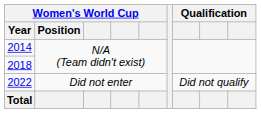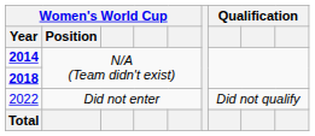 <table class="wikitable" style="text-align: center;font-size:90%;">
 <tr>
 <th colspan=5><a href='#'>Women's World Cup</a></th>
 <th rowspan="6"></th>
 <th colspan=3>Qualification</th>
 </tr>
 <tr>
 <th>Year</th>
 <th>Position</th>
 <th width=30></th>
 <th width=30></th>
 <th width=30></th>
 <th width=30></th>
 <th width=30></th>
 <th width=30></th>
 </tr>
 <tr>
-<td> <a href='#'>2014</a></td>
+<td><strong> <a href='#'>2014</a></strong></td>
 <td colspan="4" rowspan="2"><em>N/A</em><br><em>(Team didn't exist)</em></td>
 </tr>
 <tr>
-<td> <a href='#'>2018</a></td>
+<td><strong> <a href='#'>2018</a></strong></td>
 </tr>
 <tr>
 <td> <a href='#'>2022</a></td>
 <td colspan="4"><em>Did not enter</em></td>
 <td colspan="3"><em>Did not qualify</em></td>
 </tr>
 <tr>
 <th>Total</th>
 <th></th>
 <th></th>
 <th></th>
 <th></th>
 <th></th>
 <th></th>
 <th></th>
 </tr>
 </table>
